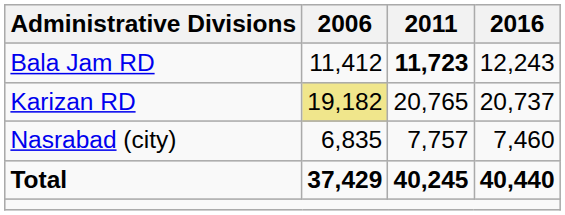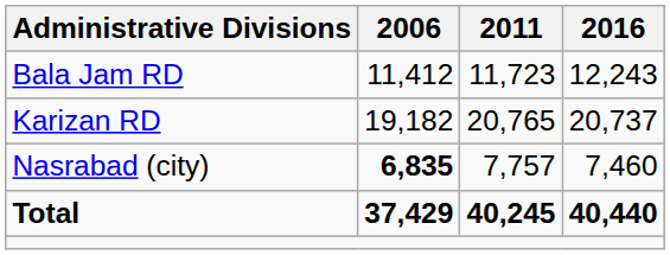 <table class="wikitable">
 <tr>
 <th>Administrative Divisions</th>
 <th>2006</th>
 <th>2011</th>
 <th>2016</th>
 </tr>
 <tr>
 <td><a href='#'>Bala Jam RD</a></td>
 <td style="text-align: right;">11,412</td>
-<td style="text-align: right;"><strong>11,723</strong></td>
+<td style="text-align: right;">11,723</td>
 <td style="text-align: right;">12,243</td>
 </tr>
 <tr>
 <td><a href='#'>Karizan RD</a></td>
-<td style="background: khaki; text-align: right;">19,182</td>
+<td style="text-align: right;">19,182</td>
 <td style="text-align: right;">20,765</td>
 <td style="text-align: right;">20,737</td>
 </tr>
 <tr>
 <td><a href='#'>Nasrabad</a> (city)</td>
-<td style="text-align: right;">6,835</td>
+<td style="text-align: right;"><strong>6,835</strong></td>
 <td style="text-align: right;">7,757</td>
 <td style="text-align: right;">7,460</td>
 </tr>
 <tr>
 <td><strong>Total</strong></td>
 <td style="text-align: right;"><strong>37,429</strong></td>
 <td style="text-align: right;"><strong>40,245</strong></td>
 <td style="text-align: right;"><strong>40,440</strong></td>
 </tr>
 <tr>
 <td colspan=4></td>
 </tr>
 </table>
